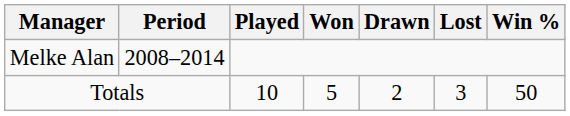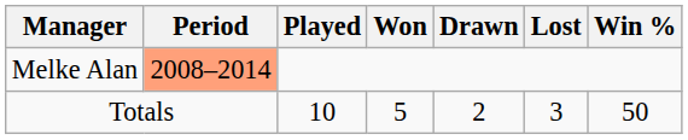 <table class="wikitable sortable" style="text-align:center;">
 <tr>
 <th>Manager</th>
 <th>Period</th>
 <th>Played</th>
 <th>Won</th>
 <th>Drawn</th>
 <th>Lost</th>
 <th>Win %</th>
 </tr>
 <tr>
 <td style="text-align: left;"> Melke Alan</td>
-<td>2008–2014<br></td>
+<td style="background: lightsalmon;">2008–2014<br></td>
 </tr>
 <tr>
 <td colspan="2">Totals</td>
 <td>10</td>
 <td>5</td>
 <td>2</td>
 <td>3</td>
 <td>50</td>
 </tr>
 </table>
